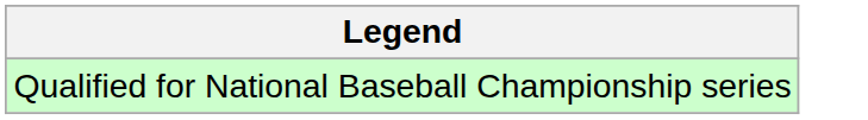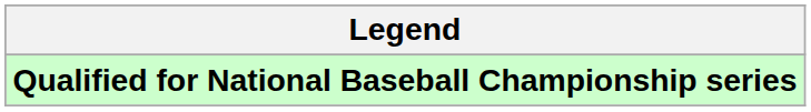 <table class="wikitable">
 <tr>
 <th>Legend</th>
 </tr>
 <tr bgcolor=ccffcc>
-<td>Qualified for National Baseball Championship series</td>
+<td><strong>Qualified for National Baseball Championship series</strong></td>
 </tr>
 </table>
